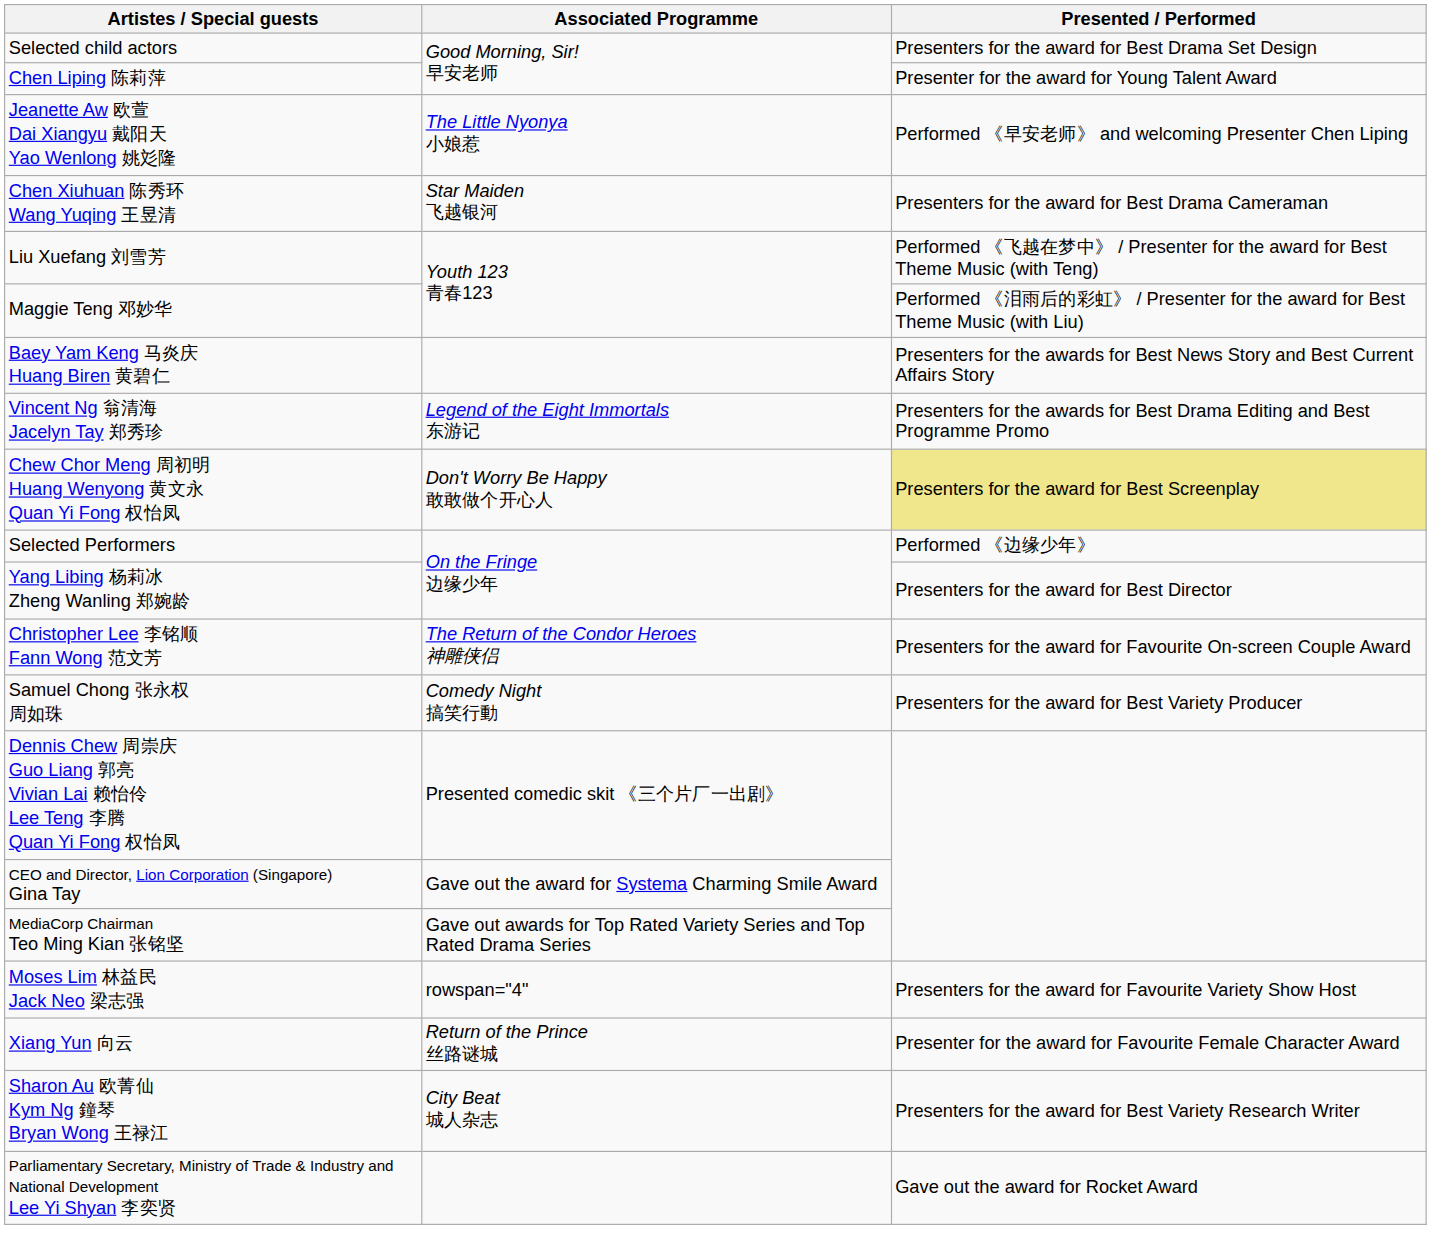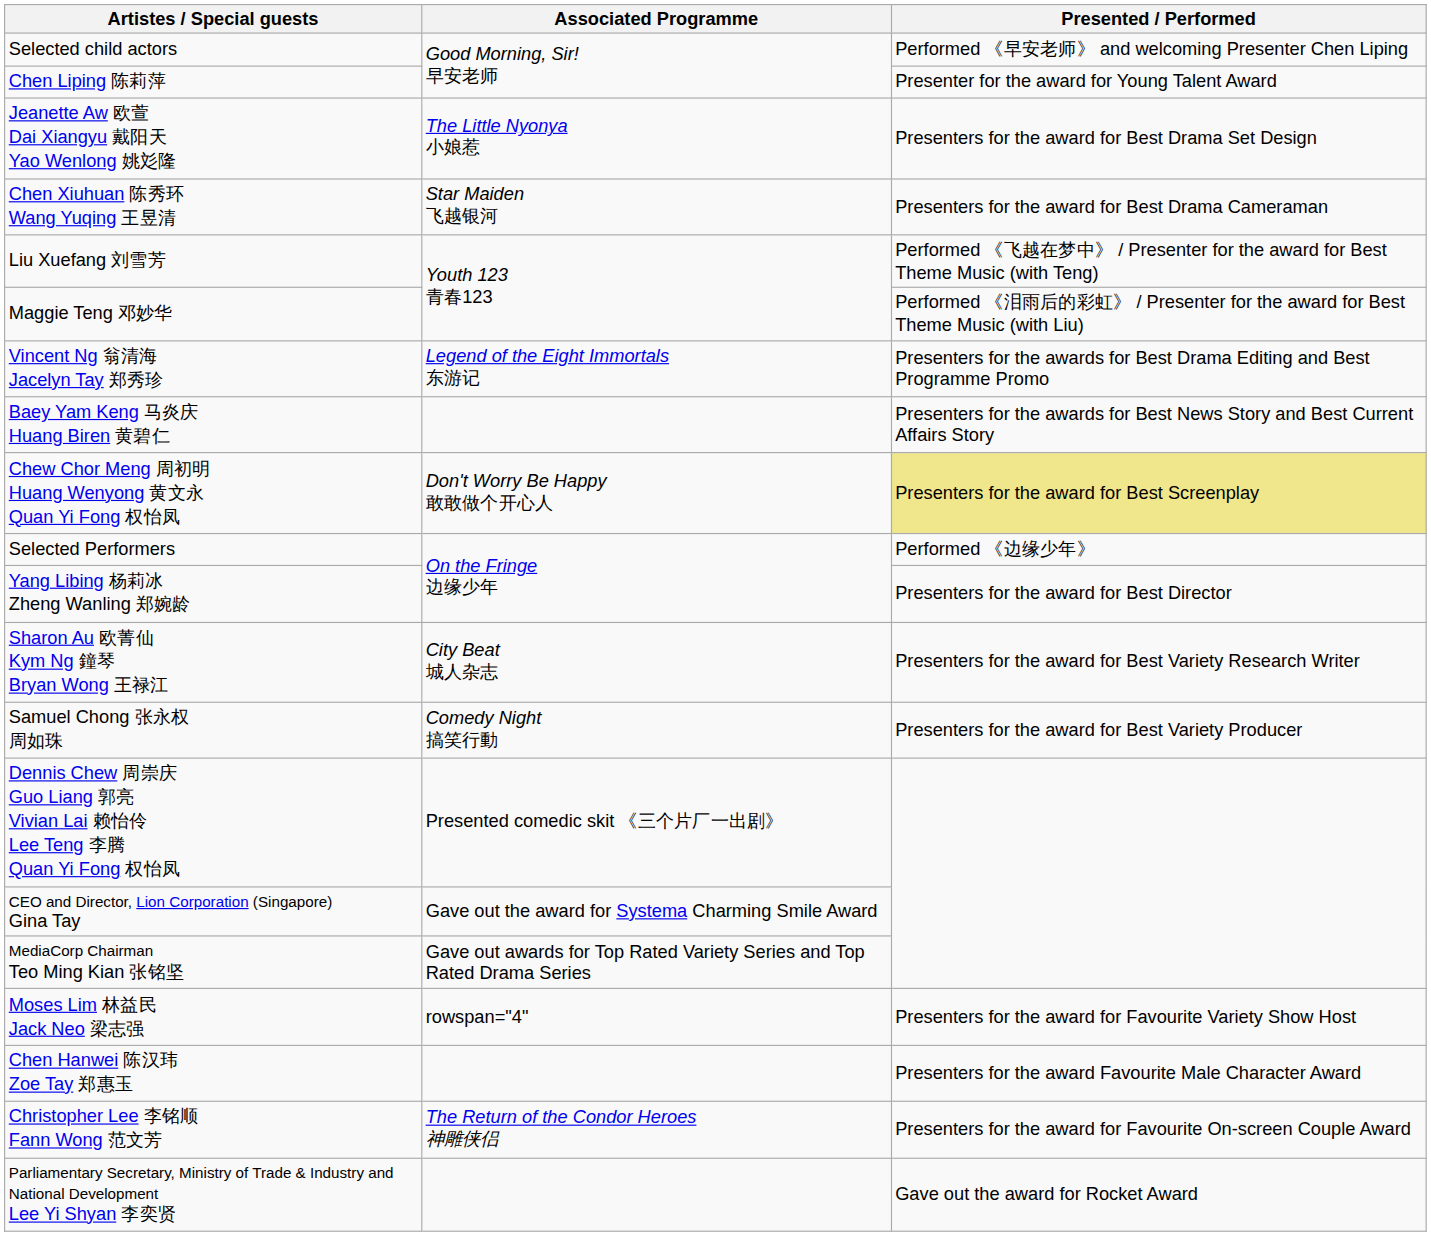 <table class="wikitable">
 <tr>
 <th>Artistes / Special guests</th>
 <th>Associated Programme</th>
 <th>Presented / Performed</th>
 </tr>
 <tr>
 <td>Selected child actors</td>
 <td rowspan="2"><em>Good Morning, Sir!</em> <br> 早安老师</td>
-<td>Presenters for the award for Best Drama Set Design</td>
+<td>Performed 《早安老师》 and welcoming Presenter Chen Liping</td>
 </tr>
 <tr>
 <td><a href='#'>Chen Liping</a> 陈莉萍</td>
 <td>Presenter for the award for Young Talent Award</td>
 </tr>
 <tr>
 <td><a href='#'>Jeanette Aw</a> 欧萱<br><a href='#'>Dai Xiangyu</a> 戴阳天<br><a href='#'>Yao Wenlong</a> 姚彣隆</td>
 <td><em><a href='#'>The Little Nyonya</a></em><br>小娘惹</td>
-<td>Performed 《早安老师》 and welcoming Presenter Chen Liping</td>
+<td>Presenters for the award for Best Drama Set Design</td>
 </tr>
 <tr>
 <td><a href='#'>Chen Xiuhuan</a> 陈秀环 <br> <a href='#'>Wang Yuqing</a> 王昱清</td>
 <td><em>Star Maiden</em><br>飞越银河</td>
 <td>Presenters for the award for Best Drama Cameraman</td>
 </tr>
 <tr>
 <td>Liu Xuefang 刘雪芳</td>
 <td rowspan="2"><em>Youth 123</em><br>青春123</td>
 <td>Performed 《飞越在梦中》 / Presenter for the award for Best Theme Music (with Teng)</td>
 </tr>
 <tr>
 <td>Maggie Teng 邓妙华</td>
 <td>Performed 《泪雨后的彩虹》 / Presenter for the award for Best Theme Music (with Liu)</td>
 </tr>
 <tr>
+<td><a href='#'>Vincent Ng</a> 翁清海<br><a href='#'>Jacelyn Tay</a> 郑秀珍</td>
+<td><em><a href='#'>Legend of the Eight Immortals</a></em><br>东游记</td>
+<td>Presenters for the awards for Best Drama Editing and Best Programme Promo</td>
+</tr>
+<tr>
 <td><a href='#'>Baey Yam Keng</a> 马炎庆<br><a href='#'>Huang Biren</a> 黄碧仁</td>
 <td></td>
 <td>Presenters for the awards for Best News Story and Best Current Affairs Story</td>
-</tr>
-<tr>
-<td><a href='#'>Vincent Ng</a> 翁清海<br><a href='#'>Jacelyn Tay</a> 郑秀珍</td>
-<td><em><a href='#'>Legend of the Eight Immortals</a></em><br>东游记</td>
-<td>Presenters for the awards for Best Drama Editing and Best Programme Promo</td>
 </tr>
 <tr>
 <td><a href='#'>Chew Chor Meng</a> 周初明<br><a href='#'>Huang Wenyong</a> 黄文永<br><a href='#'>Quan Yi Fong</a> 权怡凤</td>
 <td><em>Don't Worry Be Happy</em><br>敢敢做个开心人</td>
 <td style="background: khaki;">Presenters for the award for Best Screenplay</td>
 </tr>
 <tr>
 <td>Selected Performers</td>
 <td rowspan="2"><em><a href='#'>On the Fringe</a></em><br>边缘少年</td>
 <td>Performed 《边缘少年》</td>
 </tr>
 <tr>
 <td><a href='#'>Yang Libing</a> 杨莉冰<br>Zheng Wanling 郑婉龄</td>
 <td>Presenters for the award for Best Director</td>
 </tr>
 <tr>
-<td><a href='#'>Christopher Lee</a> 李铭顺<br><a href='#'>Fann Wong</a> 范文芳</td>
-<td><em><a href='#'>The Return of the Condor Heroes</a> <br>神雕侠侣</em></td>
-<td>Presenters for the award for Favourite On-screen Couple Award</td>
+<td><a href='#'>Sharon Au</a> 欧菁仙<br><a href='#'>Kym Ng</a> 鐘琴<br><a href='#'>Bryan Wong</a> 王禄江</td>
+<td><em>City Beat</em><br>城人杂志</td>
+<td>Presenters for the award for Best Variety Research Writer</td>
 </tr>
 <tr>
 <td>Samuel Chong 张永权<br>周如珠</td>
 <td><em>Comedy Night</em><br>搞笑行動</td>
 <td>Presenters for the award for Best Variety Producer</td>
 </tr>
 <tr>
 <td><a href='#'>Dennis Chew</a> 周崇庆<br><a href='#'>Guo Liang</a> 郭亮<br><a href='#'>Vivian Lai</a> 赖怡伶<br><a href='#'>Lee Teng</a> 李腾<br><a href='#'>Quan Yi Fong</a> 权怡凤</td>
 <td>Presented comedic skit 《三个片厂一出剧》</td>
 </tr>
 <tr>
 <td><small>CEO and Director, <a href='#'>Lion Corporation</a> (Singapore)</small><br>Gina Tay</td>
 <td>Gave out the award for <a href='#'>Systema</a> Charming Smile Award</td>
 </tr>
 <tr>
 <td><small>MediaCorp Chairman</small><br> Teo Ming Kian 张铭坚</td>
 <td>Gave out awards for Top Rated Variety Series and Top Rated Drama Series</td>
 </tr>
 <tr>
 <td><a href='#'>Moses Lim</a> 林益民<br><a href='#'>Jack Neo</a> 梁志强</td>
 <td>rowspan="4" </td>
 <td>Presenters for the award for Favourite Variety Show Host</td>
 </tr>
 <tr>
-<td><a href='#'>Xiang Yun</a> 向云</td>
-<td><em>Return of the Prince</em><br>丝路谜城</td>
-<td>Presenter for the award for Favourite Female Character Award</td>
+<td><a href='#'>Chen Hanwei</a> 陈汉玮<br><a href='#'>Zoe Tay</a> 郑惠玉</td>
+<td></td>
+<td>Presenters for the award Favourite Male Character Award</td>
 </tr>
 <tr>
-<td><a href='#'>Sharon Au</a> 欧菁仙<br><a href='#'>Kym Ng</a> 鐘琴<br><a href='#'>Bryan Wong</a> 王禄江</td>
-<td><em>City Beat</em><br>城人杂志</td>
-<td>Presenters for the award for Best Variety Research Writer</td>
+<td><a href='#'>Christopher Lee</a> 李铭顺<br><a href='#'>Fann Wong</a> 范文芳</td>
+<td><em><a href='#'>The Return of the Condor Heroes</a> <br>神雕侠侣</em></td>
+<td>Presenters for the award for Favourite On-screen Couple Award</td>
 </tr>
 <tr>
 <td><small>Parliamentary Secretary, Ministry of Trade & Industry and National Development</small><br><a href='#'>Lee Yi Shyan</a> 李奕贤</td>
 <td></td>
 <td>Gave out the award for Rocket Award</td>
 </tr>
 </table>
